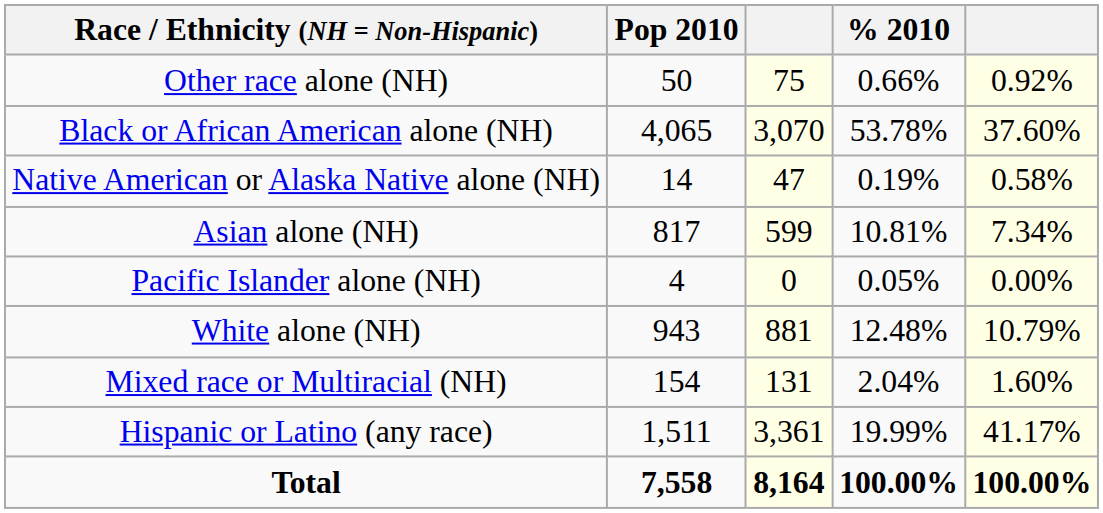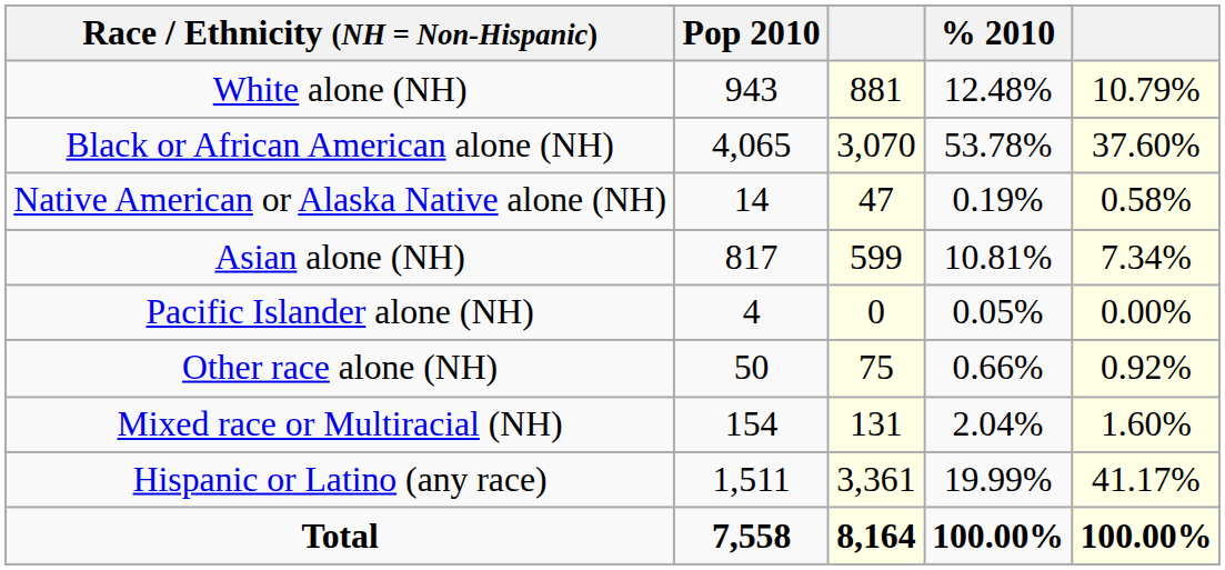 <table class="wikitable" style="text-align:center;">
 <tr>
 <th>Race / Ethnicity <small>(<em>NH = Non-Hispanic</em>)</small></th>
 <th>Pop 2010</th>
 <th></th>
 <th>% 2010</th>
 <th></th>
 </tr>
 <tr>
-<td><a href='#'>Other race</a> alone (NH)</td>
-<td>50</td>
-<td style='background: #ffffe6;'>75</td>
-<td>0.66%</td>
-<td style='background: #ffffe6;'>0.92%</td>
+<td><a href='#'>White</a> alone (NH)</td>
+<td>943</td>
+<td style='background: #ffffe6;'>881</td>
+<td>12.48%</td>
+<td style='background: #ffffe6;'>10.79%</td>
 </tr>
 <tr>
 <td><a href='#'>Black or African American</a> alone (NH)</td>
 <td>4,065</td>
 <td style='background: #ffffe6;'>3,070</td>
 <td>53.78%</td>
 <td style='background: #ffffe6;'>37.60%</td>
 </tr>
 <tr>
 <td><a href='#'>Native American</a> or <a href='#'>Alaska Native</a> alone (NH)</td>
 <td>14</td>
 <td style='background: #ffffe6;'>47</td>
 <td>0.19%</td>
 <td style='background: #ffffe6;'>0.58%</td>
 </tr>
 <tr>
 <td><a href='#'>Asian</a> alone (NH)</td>
 <td>817</td>
 <td style='background: #ffffe6;'>599</td>
 <td>10.81%</td>
 <td style='background: #ffffe6;'>7.34%</td>
 </tr>
 <tr>
 <td><a href='#'>Pacific Islander</a> alone (NH)</td>
 <td>4</td>
 <td style='background: #ffffe6;'>0</td>
 <td>0.05%</td>
 <td style='background: #ffffe6;'>0.00%</td>
 </tr>
 <tr>
-<td><a href='#'>White</a> alone (NH)</td>
-<td>943</td>
-<td style='background: #ffffe6;'>881</td>
-<td>12.48%</td>
-<td style='background: #ffffe6;'>10.79%</td>
+<td><a href='#'>Other race</a> alone (NH)</td>
+<td>50</td>
+<td style='background: #ffffe6;'>75</td>
+<td>0.66%</td>
+<td style='background: #ffffe6;'>0.92%</td>
 </tr>
 <tr>
 <td><a href='#'>Mixed race or Multiracial</a> (NH)</td>
 <td>154</td>
 <td style='background: #ffffe6;'>131</td>
 <td>2.04%</td>
 <td style='background: #ffffe6;'>1.60%</td>
 </tr>
 <tr>
 <td><a href='#'>Hispanic or Latino</a> (any race)</td>
 <td>1,511</td>
 <td style='background: #ffffe6;'>3,361</td>
 <td>19.99%</td>
 <td style='background: #ffffe6;'>41.17%</td>
 </tr>
 <tr>
 <td><strong>Total</strong></td>
 <td><strong>7,558</strong></td>
 <td style='background: #ffffe6;'><strong>8,164</strong></td>
 <td><strong>100.00%</strong></td>
 <td style='background: #ffffe6;'><strong>100.00%</strong></td>
 </tr>
 </table>
